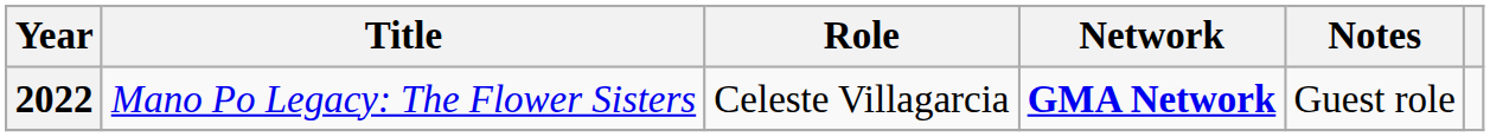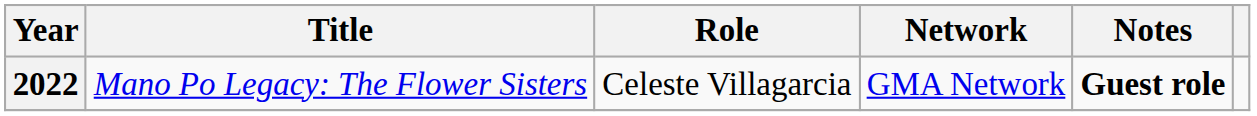 <table class="wikitable sortable plainrowheaders">
 <tr>
 <th scope="col" rowspan="1">Year</th>
 <th scope="col" colspan="1">Title</th>
 <th scope="col" rowspan="1">Role</th>
 <th>Network</th>
 <th scope="col" rowspan="1">Notes</th>
 <th scope="col" rowspan="1" class="unsortable"></th>
 </tr>
 <tr>
 <th scope=row>2022</th>
 <td><em><a href='#'>Mano Po Legacy: The Flower Sisters</a></em></td>
 <td>Celeste Villagarcia</td>
-<td><strong><a href='#'>GMA Network</a></strong></td>
-<td>Guest role</td>
+<td><a href='#'>GMA Network</a></td>
+<td><strong>Guest role</strong></td>
 </tr>
 <tr>
 </tr>
 </table>
